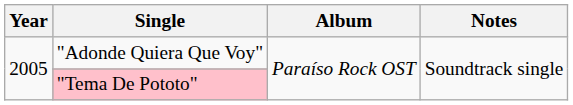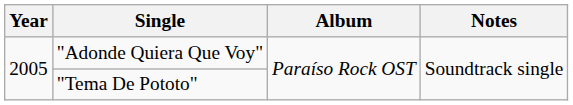 <table class="wikitable" style="font-size:90%;">
 <tr>
 <th>Year</th>
 <th>Single</th>
 <th>Album</th>
 <th>Notes</th>
 </tr>
 <tr>
 <td rowspan="2">2005</td>
 <td>"Adonde Quiera Que Voy"</td>
 <td rowspan="2"><em>Paraíso Rock OST</em></td>
 <td rowspan="2">Soundtrack single</td>
 </tr>
 <tr>
-<td style="background: pink;">"Tema De Pototo"</td>
+<td>"Tema De Pototo"</td>
 </tr>
 </table>
